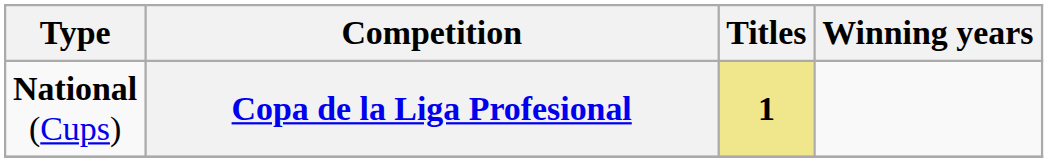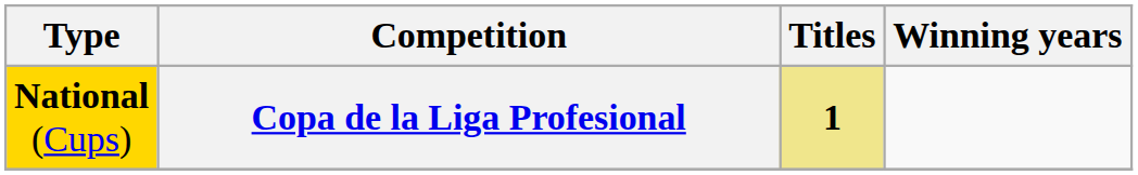 <table class="wikitable plainrowheaders" style="font-size:95%; text-align:center;">
 <tr>
 <th>Type</th>
 <th width=250px>Competition</th>
 <th>Titles</th>
 <th>Winning years</th>
 </tr>
 <tr>
-<td rowspan=1><strong>National</strong><br>(<a href='#'>Cups</a>)</td>
+<td rowspan=1 style="background: gold;"><strong>National</strong><br>(<a href='#'>Cups</a>)</td>
 <th scope=col><a href='#'>Copa de la Liga Profesional</a></th>
 <td style="background: khaki;"><strong>1</strong></td>
 <td></td>
 </tr>
 <tr>
 </tr>
 </table>
